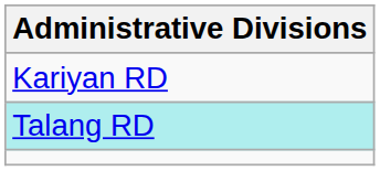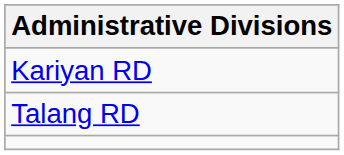 <table class="wikitable">
 <tr>
 <th>Administrative Divisions</th>
 </tr>
 <tr>
 <td><a href='#'>Kariyan RD</a></td>
 </tr>
 <tr>
-<td style="background: paleturquoise;"><a href='#'>Talang RD</a></td>
+<td><a href='#'>Talang RD</a></td>
 </tr>
 <tr>
 <td colspan=1></td>
 </tr>
 </table>
